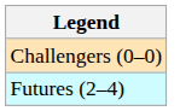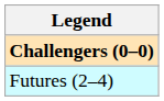 <table class="wikitable">
 <tr>
 <th>Legend</th>
 </tr>
 <tr bgcolor="moccasin">
-<td>Challengers (0–0)</td>
+<td><strong>Challengers (0–0)</strong></td>
 </tr>
 <tr bgcolor="CFFCFF">
 <td>Futures (2–4)</td>
 </tr>
 </table>
